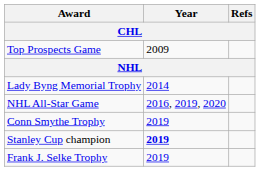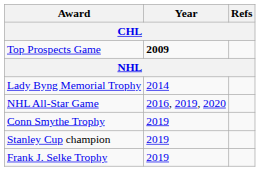 <table class="wikitable">
 <tr>
 <th>Award</th>
 <th>Year</th>
 <th>Refs</th>
 </tr>
 <tr>
 <th colspan="3"><a href='#'>CHL</a></th>
 </tr>
 <tr>
 <td><a href='#'>Top Prospects Game</a></td>
-<td>2009</td>
+<td><strong>2009</strong></td>
 <td></td>
 </tr>
 <tr>
 <th colspan="3"><a href='#'>NHL</a></th>
 </tr>
 <tr>
 <td><a href='#'>Lady Byng Memorial Trophy</a></td>
 <td><a href='#'>2014</a></td>
 <td></td>
 </tr>
 <tr>
 <td><a href='#'>NHL All-Star Game</a></td>
 <td><a href='#'>2016</a>, <a href='#'>2019</a>, <a href='#'>2020</a></td>
 <td></td>
 </tr>
 <tr>
 <td><a href='#'>Conn Smythe Trophy</a></td>
 <td><a href='#'>2019</a></td>
 <td></td>
 </tr>
 <tr>
 <td><a href='#'>Stanley Cup</a> champion</td>
-<td><strong><a href='#'>2019</a></strong></td>
+<td><a href='#'>2019</a></td>
 <td></td>
 </tr>
 <tr>
 <td><a href='#'>Frank J. Selke Trophy</a></td>
 <td><a href='#'>2019</a></td>
 <td></td>
 </tr>
 </table>
